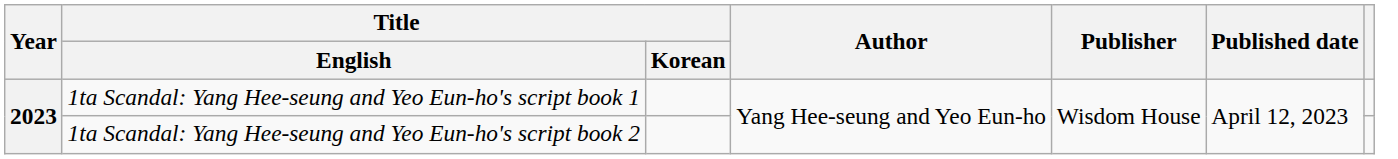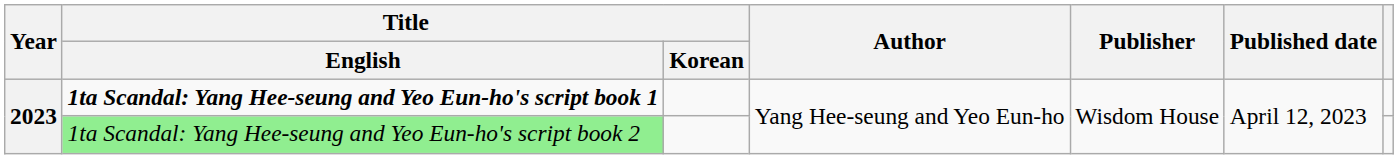 <table class="wikitable plainrowheaders">
 <tr>
 <th rowspan="2" scope="col">Year</th>
 <th colspan="2" scope="col">Title</th>
 <th rowspan="2" scope="col">Author</th>
 <th rowspan="2" scope="col">Publisher</th>
 <th rowspan="2" scope="col">Published date</th>
 <th rowspan="2" scope="col"></th>
 </tr>
 <tr>
 <th>English</th>
 <th>Korean</th>
 </tr>
 <tr>
 <th rowspan="2" scope="row">2023</th>
-<td><em>1ta Scandal: Yang Hee-seung and Yeo Eun-ho's script book 1</em></td>
+<td><strong><em>1ta Scandal: Yang Hee-seung and Yeo Eun-ho's script book 1</em></strong></td>
 <td></td>
 <td rowspan="2">Yang Hee-seung and Yeo Eun-ho</td>
 <td rowspan="2">Wisdom House</td>
 <td rowspan="2">April 12, 2023</td>
 <td></td>
 </tr>
 <tr>
-<td><em>1ta Scandal: Yang Hee-seung and Yeo Eun-ho's script book 2</em></td>
+<td style="background: lightgreen;"><em>1ta Scandal: Yang Hee-seung and Yeo Eun-ho's script book 2</em></td>
 <td></td>
 <td></td>
 </tr>
 </table>
